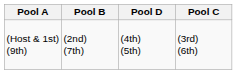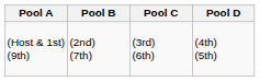 <table class="wikitable">
 <tr>
 <th width=25%>Pool A</th>
 <th width=25%>Pool B</th>
+<th width=25%>Pool C</th>
 <th width=25%>Pool D</th>
-<th width=25%>Pool C</th>
 </tr>
 <tr>
 <td valign=top><br> (Host & 1st)<br>  (9th)<br> </td>
 <td valign=top><br> (2nd)<br>  (7th)<br> </td>
+<td><br> (3rd)<br>  (6th)<br> <br> </td>
 <td><br> (4th)<br>  (5th)<br> <br> </td>
-<td><br> (3rd)<br>  (6th)<br> <br> </td>
 </tr>
 </table>
